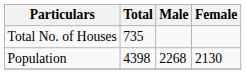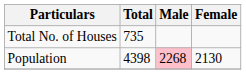 <table class="wikitable sortable">
 <tr>
 <th>Particulars</th>
 <th>Total</th>
 <th>Male</th>
 <th>Female</th>
 </tr>
 <tr>
 <td>Total No. of Houses</td>
 <td>735</td>
 <td></td>
 <td></td>
 </tr>
 <tr>
 <td>Population</td>
 <td>4398</td>
-<td>2268</td>
+<td style="background: pink;">2268</td>
 <td>2130</td>
 </tr>
 <tr>
 </tr>
 </table>
